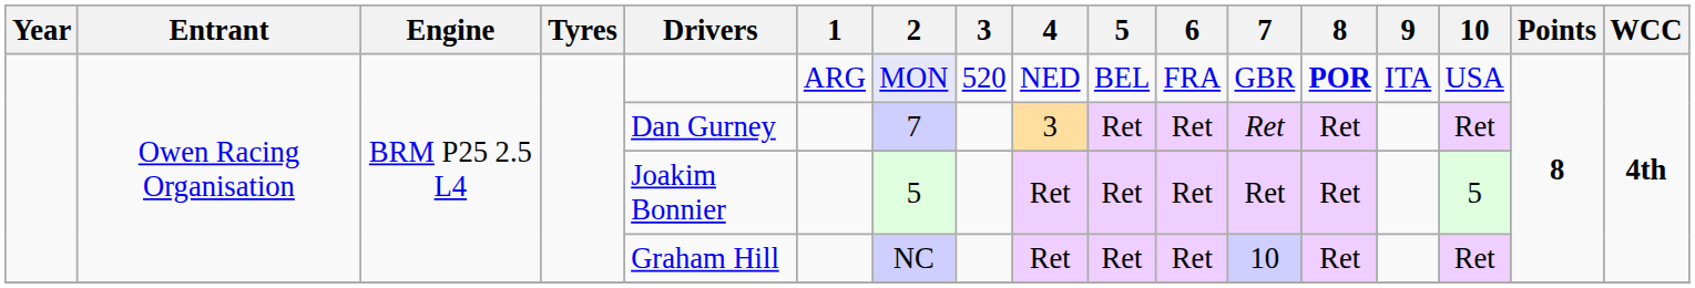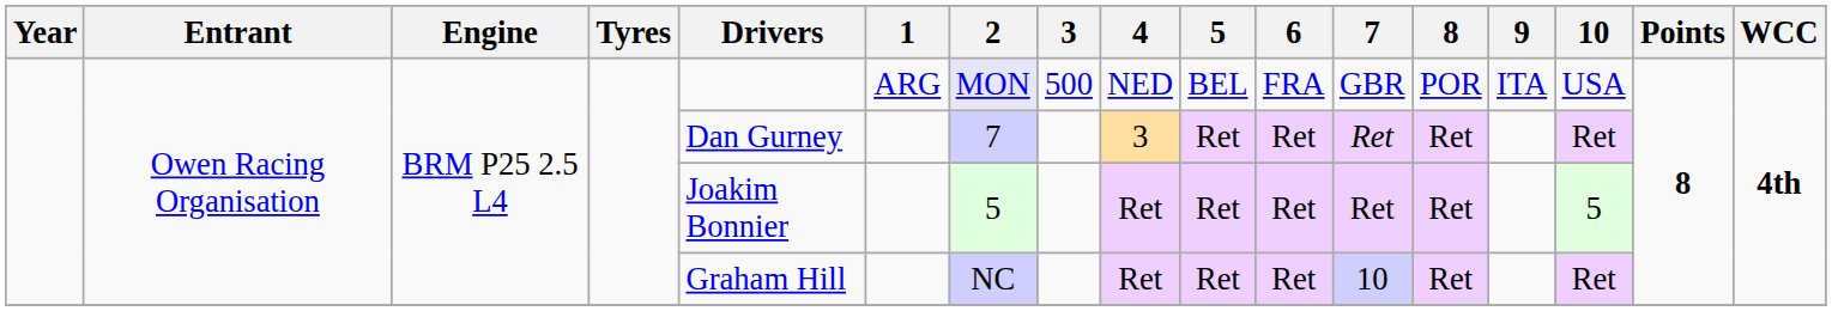 <table class="wikitable" style="text-align:center; font-size:95%">
 <tr>
 <th>Year</th>
 <th>Entrant</th>
 <th>Engine</th>
 <th>Tyres</th>
 <th>Drivers</th>
 <th>1</th>
 <th>2</th>
 <th>3</th>
 <th>4</th>
 <th>5</th>
 <th>6</th>
 <th>7</th>
 <th>8</th>
 <th>9</th>
 <th>10</th>
 <th>Points</th>
 <th>WCC</th>
 </tr>
 <tr>
 <td rowspan="4"></td>
 <td rowspan="4"><a href='#'>Owen Racing Organisation</a></td>
 <td rowspan="4"><a href='#'>BRM</a> P25 2.5 <a href='#'>L4</a></td>
 <td rowspan="4"></td>
 <td></td>
 <td><a href='#'>ARG</a></td>
 <td style="background: lavender;"><a href='#'>MON</a></td>
-<td><a href='#'>520</a></td>
+<td><a href='#'>500</a></td>
 <td><a href='#'>NED</a></td>
 <td><a href='#'>BEL</a></td>
 <td><a href='#'>FRA</a></td>
 <td><a href='#'>GBR</a></td>
-<td><strong><a href='#'>POR</a></strong></td>
+<td><a href='#'>POR</a></td>
 <td><a href='#'>ITA</a></td>
 <td><a href='#'>USA</a></td>
 <td rowspan="4"><strong>8</strong></td>
 <td rowspan="4"><strong>4th</strong></td>
 </tr>
 <tr>
 <td align="left"><a href='#'>Dan Gurney</a></td>
 <td></td>
 <td style="background:#CFCFFF;">7</td>
 <td></td>
 <td style="background:#FFDF9F;">3</td>
 <td style="background:#EFCFFF;">Ret</td>
 <td style="background:#EFCFFF;">Ret</td>
 <td style="background:#EFCFFF;"><em>Ret</em></td>
 <td style="background:#EFCFFF;">Ret</td>
 <td></td>
 <td style="background:#EFCFFF;">Ret</td>
 </tr>
 <tr>
 <td align="left"><a href='#'>Joakim Bonnier</a></td>
 <td></td>
 <td style="background:#DFFFDF;">5</td>
 <td></td>
 <td style="background:#EFCFFF;">Ret</td>
 <td style="background:#EFCFFF;">Ret</td>
 <td style="background:#EFCFFF;">Ret</td>
 <td style="background:#EFCFFF;">Ret</td>
 <td style="background:#EFCFFF;">Ret</td>
 <td></td>
 <td style="background:#DFFFDF;">5</td>
 </tr>
 <tr>
 <td align="left"><a href='#'>Graham Hill</a></td>
 <td></td>
 <td style="background:#CFCFFF;">NC</td>
 <td></td>
 <td style="background:#EFCFFF;">Ret</td>
 <td style="background:#EFCFFF;">Ret</td>
 <td style="background:#EFCFFF;">Ret</td>
 <td style="background:#CFCFFF;">10</td>
 <td style="background:#EFCFFF;">Ret</td>
 <td></td>
 <td style="background:#EFCFFF;">Ret</td>
 </tr>
 <tr>
 </tr>
 </table>
